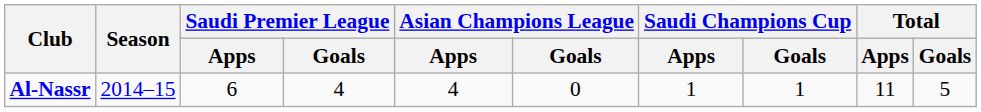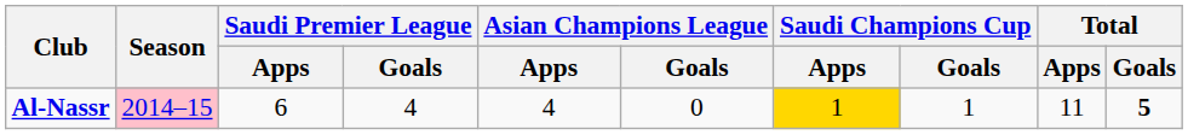 <table class="wikitable" style="text-align: center;">
 <tr>
 <th rowspan="2">Club</th>
 <th rowspan="2">Season</th>
 <th colspan="2"><a href='#'>Saudi Premier League</a></th>
 <th colspan="2"><a href='#'>Asian Champions League</a></th>
 <th colspan="2"><a href='#'>Saudi Champions Cup</a></th>
 <th colspan="2">Total</th>
 </tr>
 <tr>
 <th>Apps</th>
 <th>Goals</th>
 <th>Apps</th>
 <th>Goals</th>
 <th>Apps</th>
 <th>Goals</th>
 <th>Apps</th>
 <th>Goals</th>
 </tr>
 <tr>
 <td valign="center"><strong><a href='#'>Al-Nassr</a></strong></td>
-<td><a href='#'>2014–15</a></td>
+<td style="background: pink;"><a href='#'>2014–15</a></td>
 <td>6</td>
 <td>4</td>
 <td>4</td>
 <td>0</td>
-<td>1</td>
+<td style="background: gold;">1</td>
 <td>1</td>
 <td>11</td>
-<td>5</td>
+<td><strong>5</strong></td>
 </tr>
 </table>
